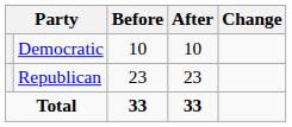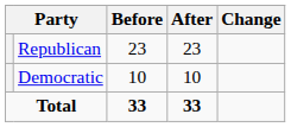 <table class="wikitable" style="text-align:center;">
 <tr>
 </tr>
 <tr>
 <th colspan=2>Party</th>
 <th>Before</th>
 <th>After</th>
 <th>Change</th>
 </tr>
 <tr>
 <th style="background-color:"></th>
-<td style="text-align:left;"><a href='#'>Democratic</a></td>
-<td>10</td>
-<td>10</td>
+<td style="text-align:left;"><a href='#'>Republican</a></td>
+<td>23</td>
+<td>23</td>
 <td></td>
 </tr>
 <tr>
 <th style="background-color:"></th>
-<td style="text-align:left;"><a href='#'>Republican</a></td>
-<td>23</td>
-<td>23</td>
+<td style="text-align:left;"><a href='#'>Democratic</a></td>
+<td>10</td>
+<td>10</td>
 <td></td>
 </tr>
 <tr>
 <td colspan=2><strong>Total</strong></td>
 <td><strong>33</strong></td>
 <td><strong>33</strong></td>
 <td></td>
 </tr>
 </table>
